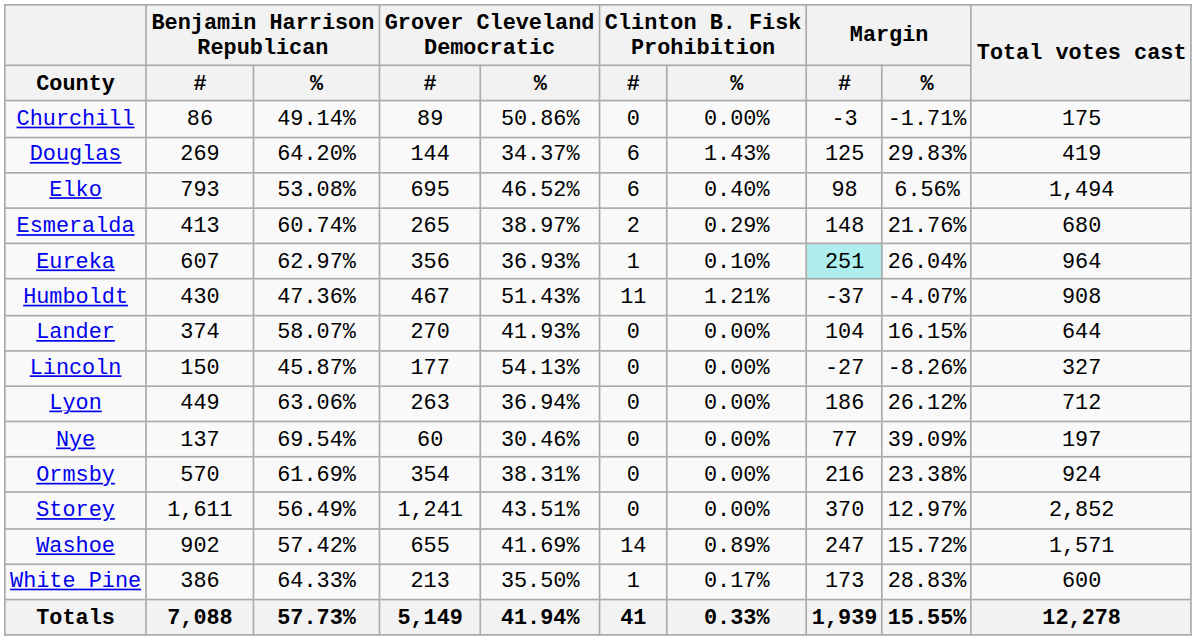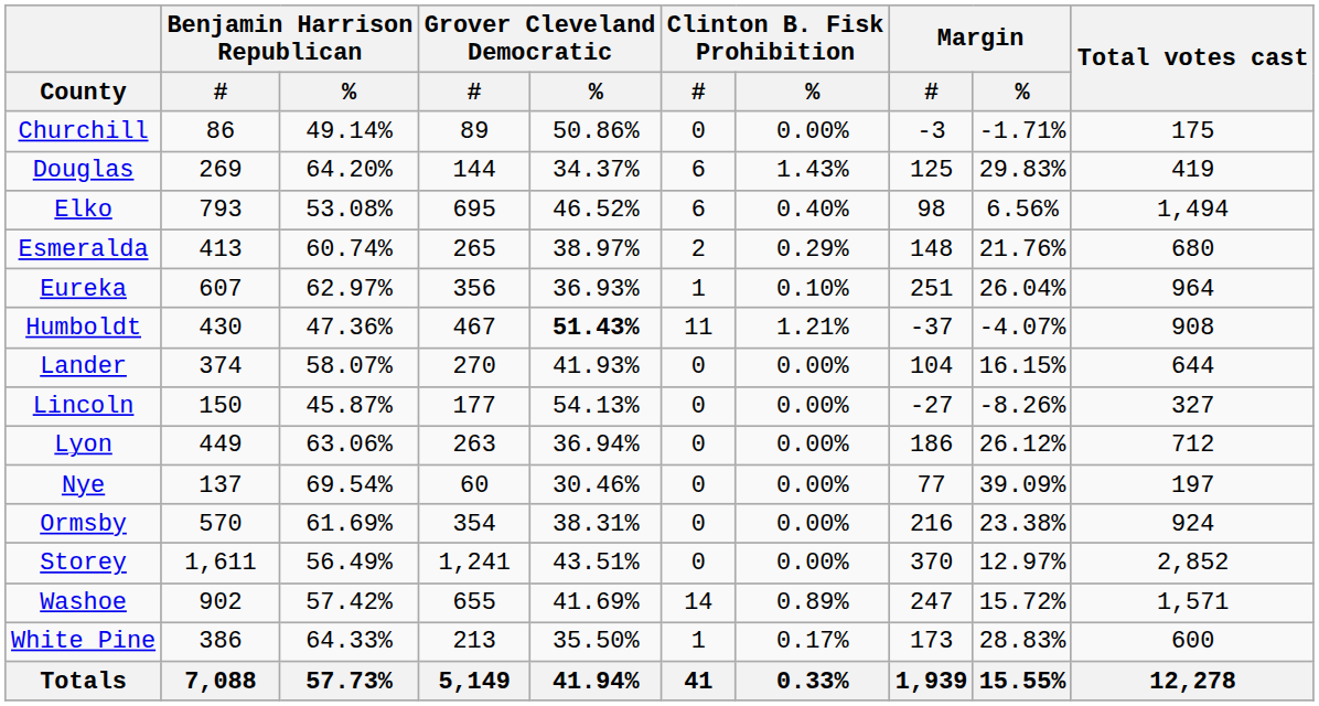 <table class="wikitable sortable" style="text-align:center">
 <tr>
 <th colspan="1"></th>
 <th style="text-align:center;" colspan="2">Benjamin Harrison<br>Republican</th>
 <th style="text-align:center;" colspan="2">Grover Cleveland<br>Democratic</th>
 <th style="text-align:center;" colspan="2">Clinton B. Fisk<br>Prohibition</th>
 <th style="text-align:center;" colspan="2">Margin</th>
 <th style="text-align:center;" rowspan="2">Total votes cast</th>
 </tr>
 <tr>
 <th align=center>County</th>
 <th style="text-align:center;" data-sort-type="number">#</th>
 <th style="text-align:center;" data-sort-type="number">%</th>
 <th style="text-align:center;" data-sort-type="number">#</th>
 <th style="text-align:center;" data-sort-type="number">%</th>
 <th style="text-align:center;" data-sort-type="number">#</th>
 <th style="text-align:center;" data-sort-type="number">%</th>
 <th style="text-align:center;" data-sort-type="number">#</th>
 <th style="text-align:center;" data-sort-type="number">%</th>
 </tr>
 <tr style="text-align:center;">
 <td><a href='#'>Churchill</a></td>
 <td>86</td>
 <td>49.14%</td>
 <td>89</td>
 <td>50.86%</td>
 <td>0</td>
 <td>0.00%</td>
 <td>-3</td>
 <td>-1.71%</td>
 <td>175</td>
 </tr>
 <tr style="text-align:center;">
 <td><a href='#'>Douglas</a></td>
 <td>269</td>
 <td>64.20%</td>
 <td>144</td>
 <td>34.37%</td>
 <td>6</td>
 <td>1.43%</td>
 <td>125</td>
 <td>29.83%</td>
 <td>419</td>
 </tr>
 <tr style="text-align:center;">
 <td><a href='#'>Elko</a></td>
 <td>793</td>
 <td>53.08%</td>
 <td>695</td>
 <td>46.52%</td>
 <td>6</td>
 <td>0.40%</td>
 <td>98</td>
 <td>6.56%</td>
 <td>1,494</td>
 </tr>
 <tr style="text-align:center;">
 <td><a href='#'>Esmeralda</a></td>
 <td>413</td>
 <td>60.74%</td>
 <td>265</td>
 <td>38.97%</td>
 <td>2</td>
 <td>0.29%</td>
 <td>148</td>
 <td>21.76%</td>
 <td>680</td>
 </tr>
 <tr style="text-align:center;">
 <td><a href='#'>Eureka</a></td>
 <td>607</td>
 <td>62.97%</td>
 <td>356</td>
 <td>36.93%</td>
 <td>1</td>
 <td>0.10%</td>
-<td style="background: paleturquoise;">251</td>
+<td>251</td>
 <td>26.04%</td>
 <td>964</td>
 </tr>
 <tr style="text-align:center;">
 <td><a href='#'>Humboldt</a></td>
 <td>430</td>
 <td>47.36%</td>
 <td>467</td>
-<td>51.43%</td>
+<td><strong>51.43%</strong></td>
 <td>11</td>
 <td>1.21%</td>
 <td>-37</td>
 <td>-4.07%</td>
 <td>908</td>
 </tr>
 <tr style="text-align:center;">
 <td><a href='#'>Lander</a></td>
 <td>374</td>
 <td>58.07%</td>
 <td>270</td>
 <td>41.93%</td>
 <td>0</td>
 <td>0.00%</td>
 <td>104</td>
 <td>16.15%</td>
 <td>644</td>
 </tr>
 <tr style="text-align:center;">
 <td><a href='#'>Lincoln</a></td>
 <td>150</td>
 <td>45.87%</td>
 <td>177</td>
 <td>54.13%</td>
 <td>0</td>
 <td>0.00%</td>
 <td>-27</td>
 <td>-8.26%</td>
 <td>327</td>
 </tr>
 <tr style="text-align:center;">
 <td><a href='#'>Lyon</a></td>
 <td>449</td>
 <td>63.06%</td>
 <td>263</td>
 <td>36.94%</td>
 <td>0</td>
 <td>0.00%</td>
 <td>186</td>
 <td>26.12%</td>
 <td>712</td>
 </tr>
 <tr style="text-align:center;">
 <td><a href='#'>Nye</a></td>
 <td>137</td>
 <td>69.54%</td>
 <td>60</td>
 <td>30.46%</td>
 <td>0</td>
 <td>0.00%</td>
 <td>77</td>
 <td>39.09%</td>
 <td>197</td>
 </tr>
 <tr style="text-align:center;">
 <td><a href='#'>Ormsby</a></td>
 <td>570</td>
 <td>61.69%</td>
 <td>354</td>
 <td>38.31%</td>
 <td>0</td>
 <td>0.00%</td>
 <td>216</td>
 <td>23.38%</td>
 <td>924</td>
 </tr>
 <tr style="text-align:center;">
 <td><a href='#'>Storey</a></td>
 <td>1,611</td>
 <td>56.49%</td>
 <td>1,241</td>
 <td>43.51%</td>
 <td>0</td>
 <td>0.00%</td>
 <td>370</td>
 <td>12.97%</td>
 <td>2,852</td>
 </tr>
 <tr style="text-align:center;">
 <td><a href='#'>Washoe</a></td>
 <td>902</td>
 <td>57.42%</td>
 <td>655</td>
 <td>41.69%</td>
 <td>14</td>
 <td>0.89%</td>
 <td>247</td>
 <td>15.72%</td>
 <td>1,571</td>
 </tr>
 <tr style="text-align:center;">
 <td><a href='#'>White Pine</a></td>
 <td>386</td>
 <td>64.33%</td>
 <td>213</td>
 <td>35.50%</td>
 <td>1</td>
 <td>0.17%</td>
 <td>173</td>
 <td>28.83%</td>
 <td>600</td>
 </tr>
 <tr style="text-align:center;">
 <th>Totals</th>
 <th>7,088</th>
 <th>57.73%</th>
 <th>5,149</th>
 <th>41.94%</th>
 <th>41</th>
 <th>0.33%</th>
 <th>1,939</th>
 <th>15.55%</th>
 <th>12,278</th>
 </tr>
 </table>
